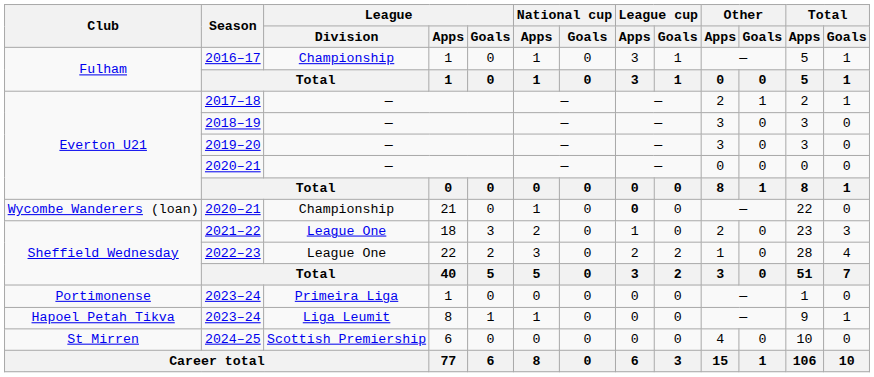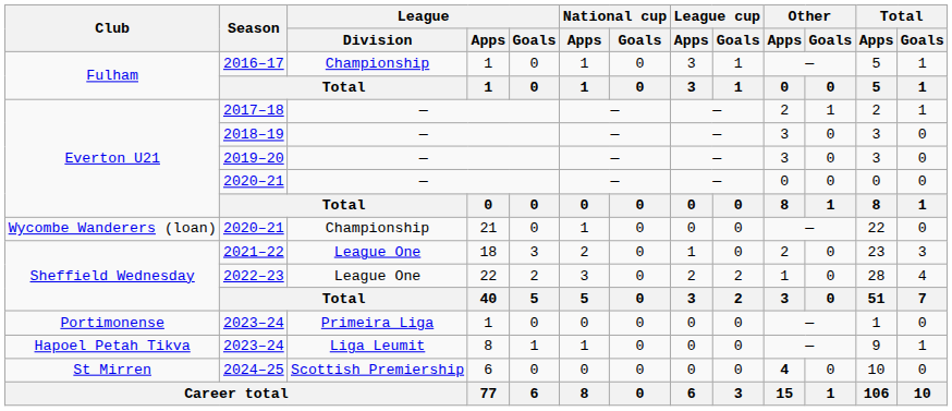 <table class="wikitable" style="text-align: center;">
 <tr>
 <th rowspan="2">Club</th>
 <th rowspan="2">Season</th>
 <th colspan="3">League</th>
 <th colspan="2">National cup</th>
 <th colspan="2">League cup</th>
 <th colspan="2">Other</th>
 <th colspan="2">Total</th>
 </tr>
 <tr>
 <th>Division</th>
 <th>Apps</th>
 <th>Goals</th>
 <th>Apps</th>
 <th>Goals</th>
 <th>Apps</th>
 <th>Goals</th>
 <th>Apps</th>
 <th>Goals</th>
 <th>Apps</th>
 <th>Goals</th>
 </tr>
 <tr>
 <td rowspan="2"><a href='#'>Fulham</a></td>
 <td><a href='#'>2016–17</a></td>
 <td><a href='#'>Championship</a></td>
 <td>1</td>
 <td>0</td>
 <td>1</td>
 <td>0</td>
 <td>3</td>
 <td>1</td>
 <td colspan=2>—</td>
 <td>5</td>
 <td>1</td>
 </tr>
 <tr>
 <th colspan="2">Total</th>
 <th>1</th>
 <th>0</th>
 <th>1</th>
 <th>0</th>
 <th>3</th>
 <th>1</th>
 <th>0</th>
 <th>0</th>
 <th>5</th>
 <th>1</th>
 </tr>
 <tr>
 <td rowspan="5"><a href='#'>Everton U21</a></td>
 <td><a href='#'>2017–18</a></td>
 <td colspan="3">—</td>
 <td colspan="2">—</td>
 <td colspan="2">—</td>
 <td>2</td>
 <td>1</td>
 <td>2</td>
 <td>1</td>
 </tr>
 <tr>
 <td><a href='#'>2018–19</a></td>
 <td colspan="3">—</td>
 <td colspan="2">—</td>
 <td colspan="2">—</td>
 <td>3</td>
 <td>0</td>
 <td>3</td>
 <td>0</td>
 </tr>
 <tr>
 <td><a href='#'>2019–20</a></td>
 <td colspan="3">—</td>
 <td colspan="2">—</td>
 <td colspan="2">—</td>
 <td>3</td>
 <td>0</td>
 <td>3</td>
 <td>0</td>
 </tr>
 <tr>
 <td><a href='#'>2020–21</a></td>
 <td colspan="3">—</td>
 <td colspan="2">—</td>
 <td colspan="2">—</td>
 <td>0</td>
 <td>0</td>
 <td>0</td>
 <td>0</td>
 </tr>
 <tr>
 <th colspan="2">Total</th>
 <th>0</th>
 <th>0</th>
 <th>0</th>
 <th>0</th>
 <th>0</th>
 <th>0</th>
 <th>8</th>
 <th>1</th>
 <th>8</th>
 <th>1</th>
 </tr>
 <tr>
 <td rowspan="1"><a href='#'>Wycombe Wanderers</a> (loan)</td>
 <td><a href='#'>2020–21</a></td>
 <td>Championship</td>
 <td>21</td>
 <td>0</td>
 <td>1</td>
 <td>0</td>
-<td><strong>0</strong></td>
+<td>0</td>
 <td>0</td>
 <td colspan=2>—</td>
 <td>22</td>
 <td>0</td>
 </tr>
 <tr>
 <td rowspan="3"><a href='#'>Sheffield Wednesday</a></td>
 <td><a href='#'>2021–22</a></td>
 <td><a href='#'>League One</a></td>
 <td>18</td>
 <td>3</td>
 <td>2</td>
 <td>0</td>
 <td>1</td>
 <td>0</td>
 <td>2</td>
 <td>0</td>
 <td>23</td>
 <td>3</td>
 </tr>
 <tr>
 <td><a href='#'>2022–23</a></td>
 <td>League One</td>
 <td>22</td>
 <td>2</td>
 <td>3</td>
 <td>0</td>
 <td>2</td>
 <td>2</td>
 <td>1</td>
 <td>0</td>
 <td>28</td>
 <td>4</td>
 </tr>
 <tr>
 <th colspan="2">Total</th>
 <th>40</th>
 <th>5</th>
 <th>5</th>
 <th>0</th>
 <th>3</th>
 <th>2</th>
 <th>3</th>
 <th>0</th>
 <th>51</th>
 <th>7</th>
 </tr>
 <tr>
 <td><a href='#'>Portimonense</a></td>
 <td><a href='#'>2023–24</a></td>
 <td><a href='#'>Primeira Liga</a></td>
 <td>1</td>
 <td>0</td>
 <td>0</td>
 <td>0</td>
 <td>0</td>
 <td>0</td>
 <td colspan=2>—</td>
 <td>1</td>
 <td>0</td>
 </tr>
 <tr>
 <td><a href='#'>Hapoel Petah Tikva</a></td>
 <td><a href='#'>2023–24</a></td>
 <td><a href='#'>Liga Leumit</a></td>
 <td>8</td>
 <td>1</td>
 <td>1</td>
 <td>0</td>
 <td>0</td>
 <td>0</td>
 <td colspan=2>—</td>
 <td>9</td>
 <td>1</td>
 </tr>
 <tr>
 <td><a href='#'>St Mirren</a></td>
 <td><a href='#'>2024–25</a></td>
 <td><a href='#'>Scottish Premiership</a></td>
 <td>6</td>
 <td>0</td>
 <td>0</td>
 <td>0</td>
 <td>0</td>
 <td>0</td>
-<td>4</td>
+<td><strong>4</strong></td>
 <td>0</td>
 <td>10</td>
 <td>0</td>
 </tr>
 <tr>
 <th colspan="3">Career total</th>
 <th>77</th>
 <th>6</th>
 <th>8</th>
 <th>0</th>
 <th>6</th>
 <th>3</th>
 <th>15</th>
 <th>1</th>
 <th>106</th>
 <th>10</th>
 </tr>
 </table>
